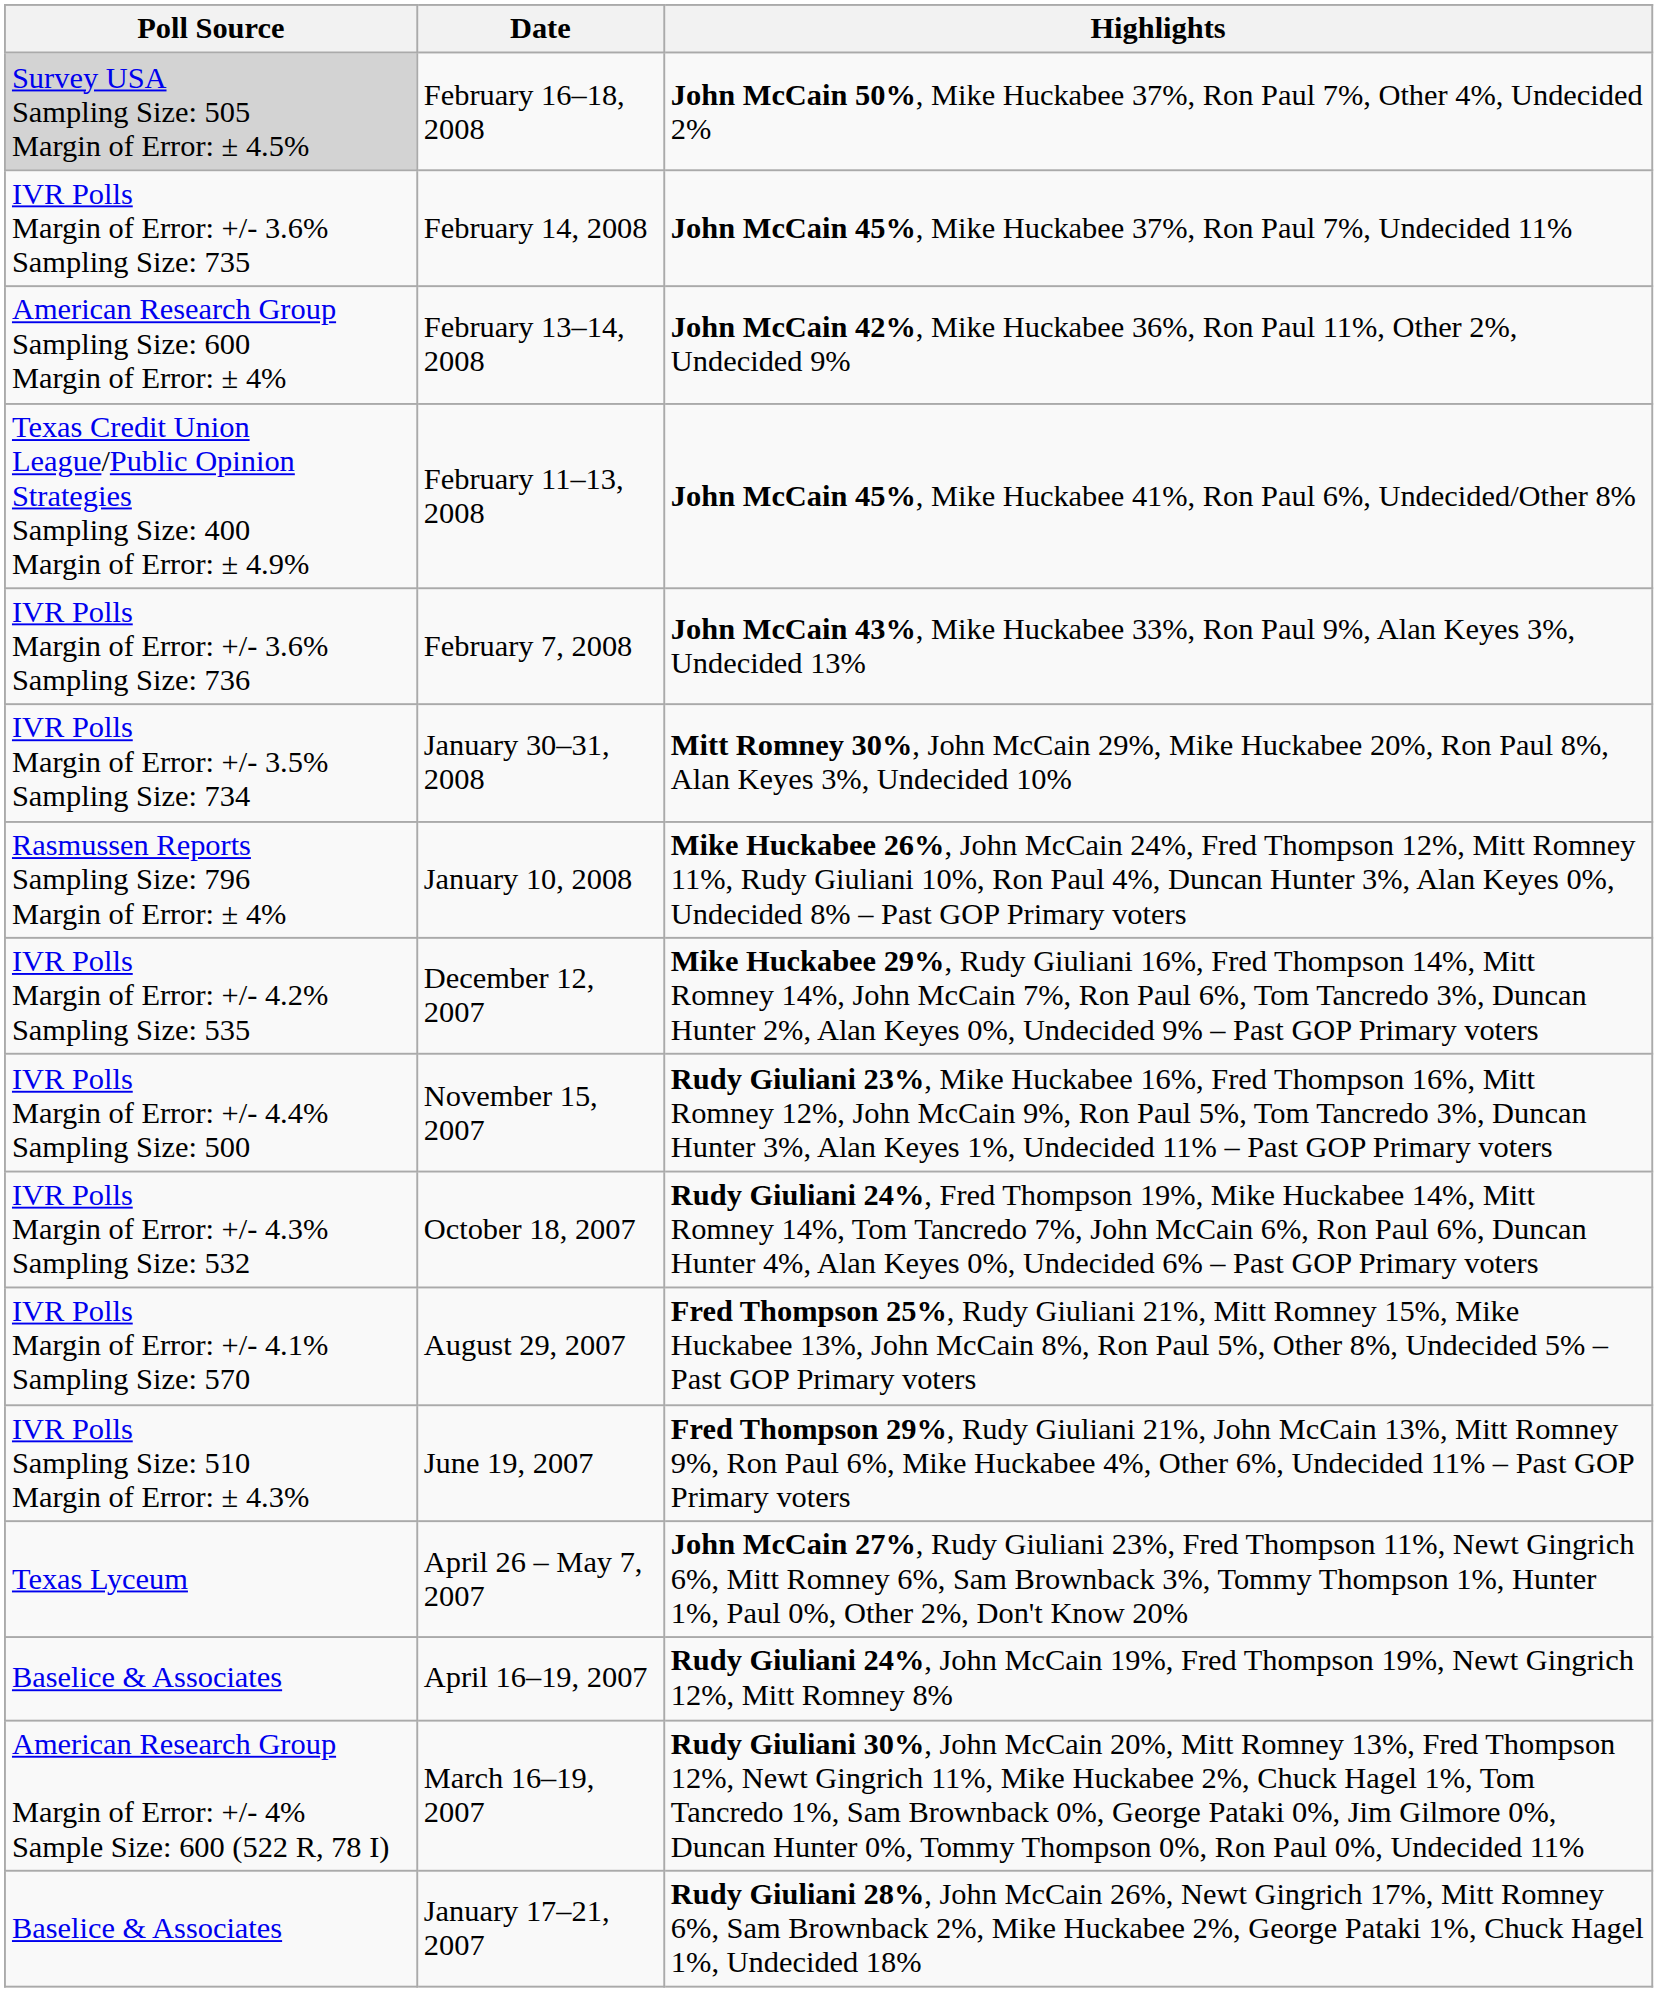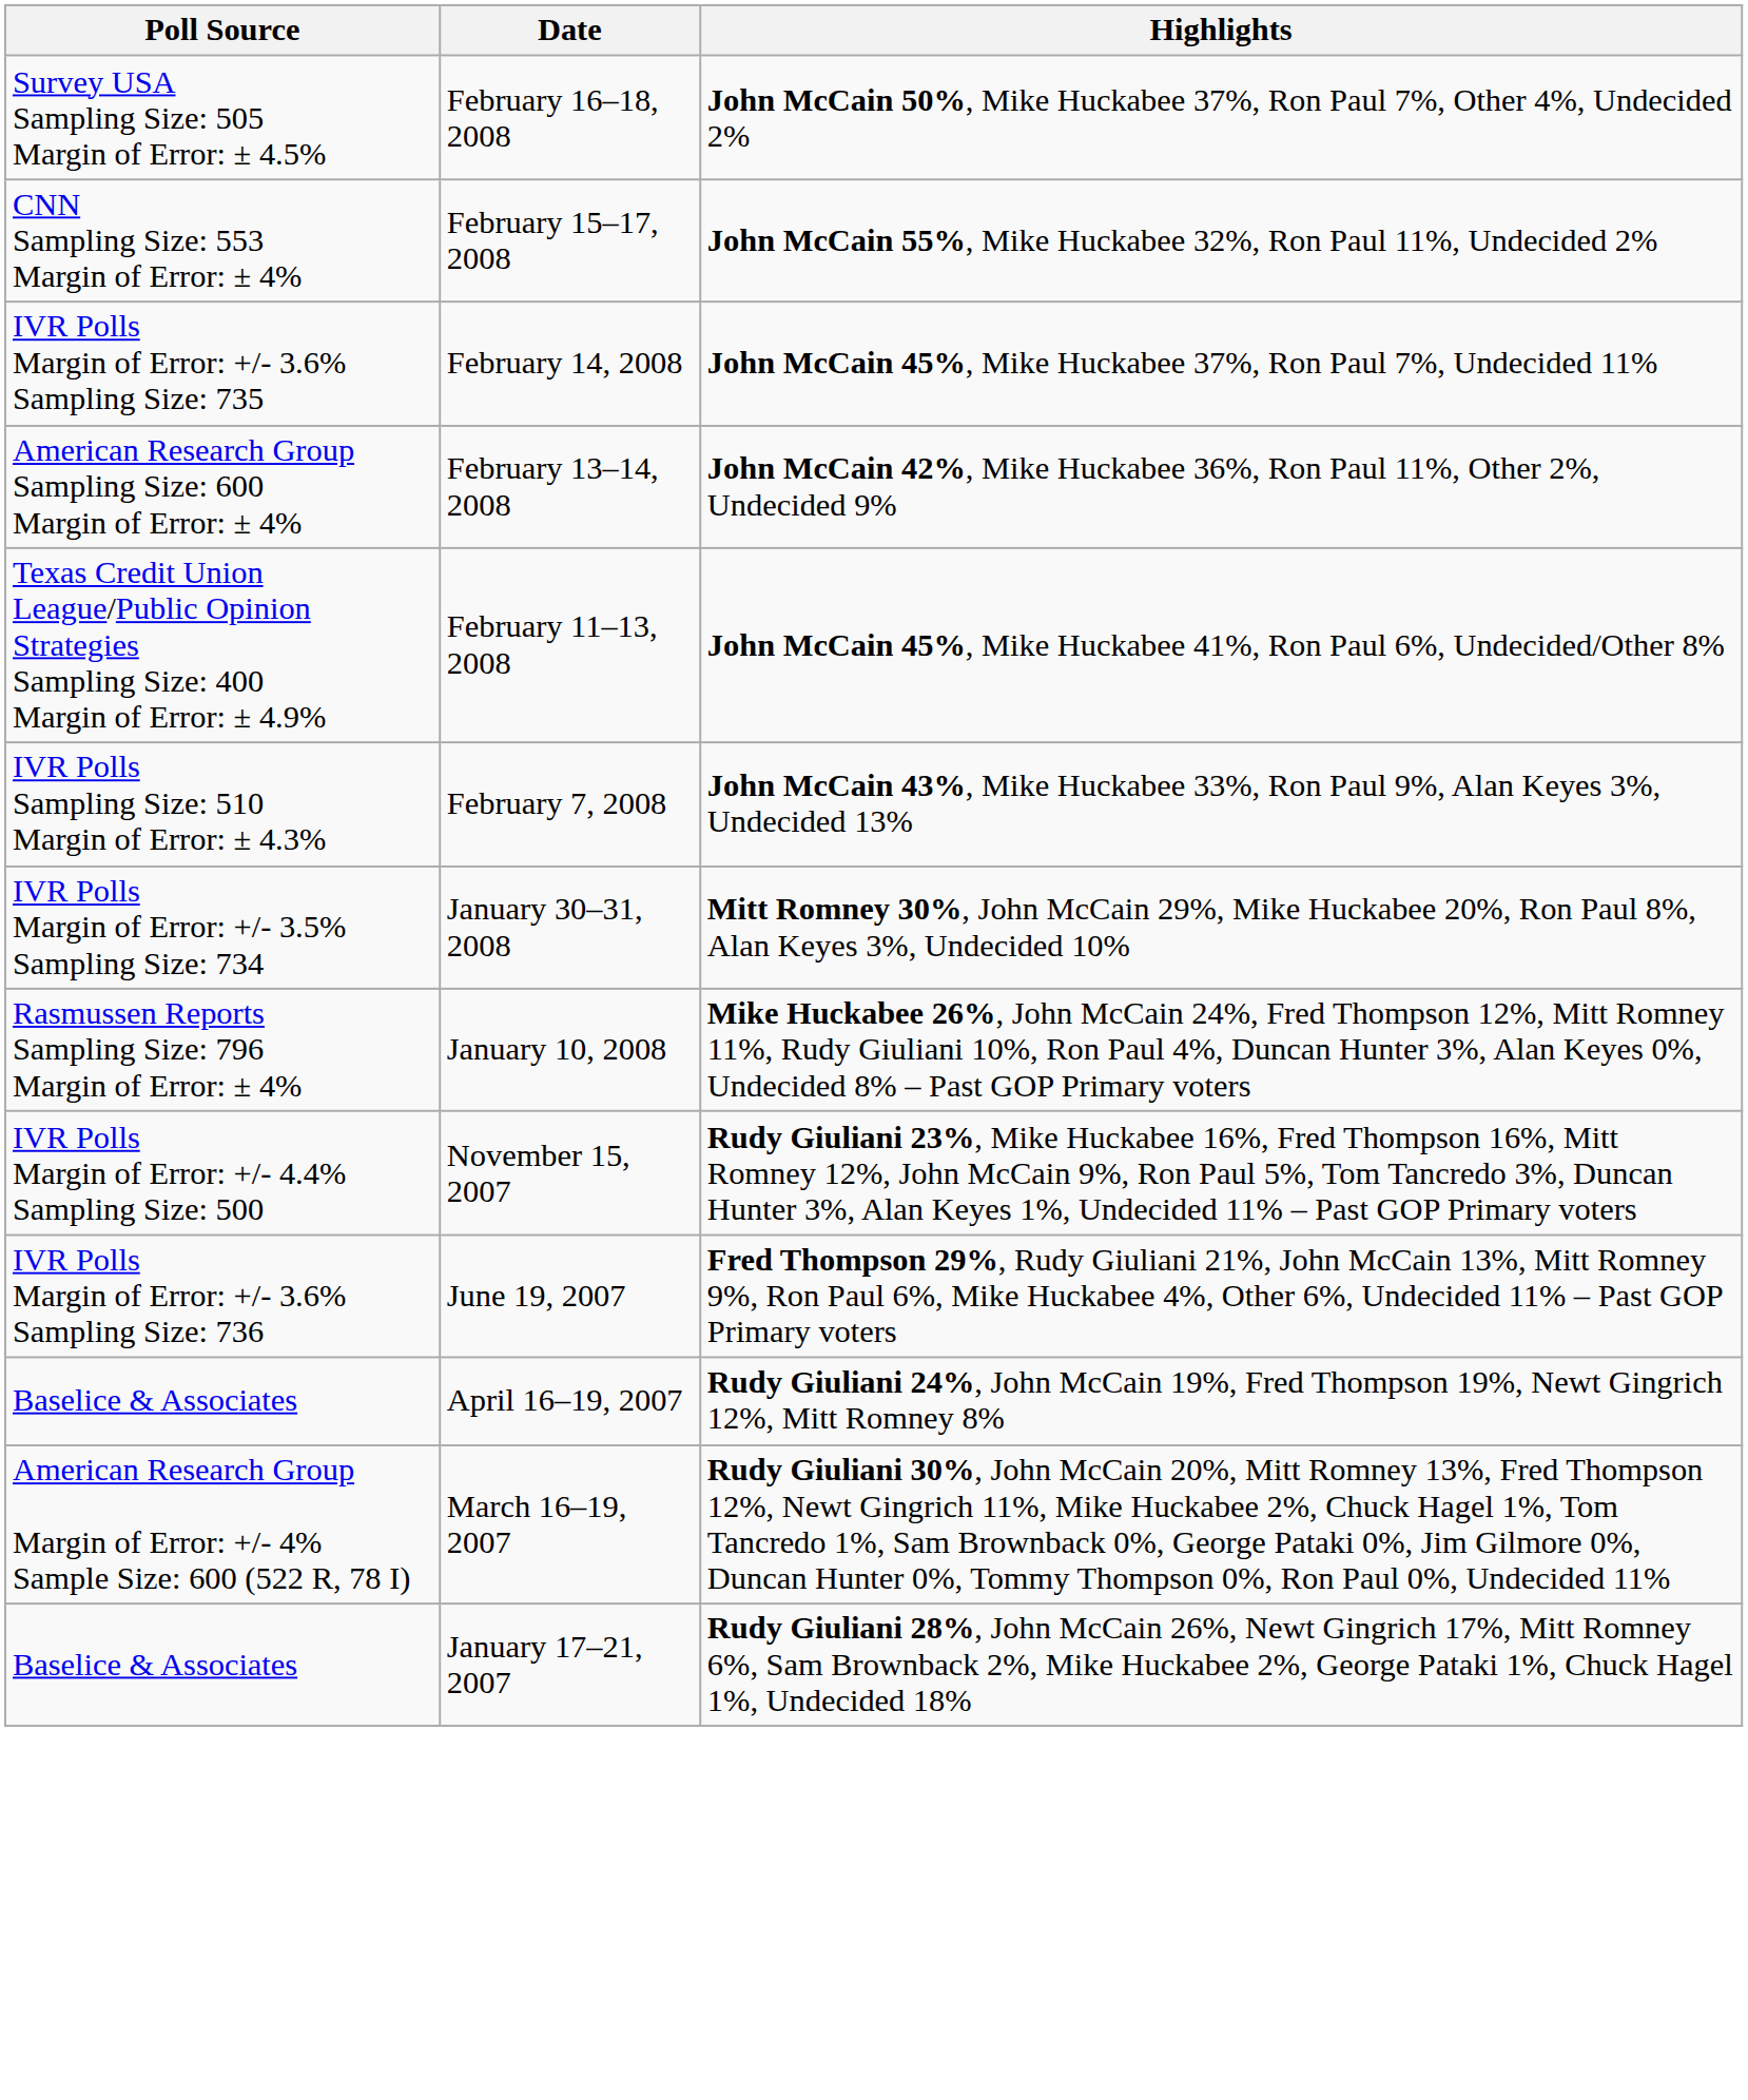 <table class="wikitable sortable">
 <tr>
 <th width="25%">Poll Source</th>
 <th width="15%">Date</th>
 <th width="60%">Highlights</th>
 </tr>
 <tr>
-<td style="background: lightgrey;"><a href='#'>Survey USA</a><br>Sampling Size: 505<br> Margin of Error: ± 4.5%</td>
+<td><a href='#'>Survey USA</a><br>Sampling Size: 505<br> Margin of Error: ± 4.5%</td>
 <td>February 16–18, 2008</td>
 <td><strong>John McCain 50%</strong>, Mike Huckabee 37%, Ron Paul 7%, Other 4%, Undecided 2%</td>
+</tr>
+<tr>
+<td><a href='#'>CNN</a><br>Sampling Size: 553<br> Margin of Error: ± 4%</td>
+<td>February 15–17, 2008</td>
+<td><strong>John McCain 55%</strong>, Mike Huckabee 32%, Ron Paul 11%, Undecided 2%</td>
 </tr>
 <tr>
 <td><a href='#'>IVR Polls </a><br>Margin of Error: +/- 3.6%<br> Sampling Size: 735</td>
 <td>February 14, 2008</td>
 <td><strong>John McCain 45%</strong>, Mike Huckabee 37%, Ron Paul 7%, Undecided 11%</td>
 </tr>
 <tr>
 <td><a href='#'>American Research Group</a><br>Sampling Size: 600<br> Margin of Error: ± 4%</td>
 <td>February 13–14, 2008</td>
 <td><strong>John McCain 42%</strong>, Mike Huckabee 36%, Ron Paul 11%, Other 2%, Undecided 9%</td>
 </tr>
 <tr>
 <td><a href='#'>Texas Credit Union League</a>/<a href='#'>Public Opinion Strategies</a><br>Sampling Size: 400<br> Margin of Error: ± 4.9%</td>
 <td>February 11–13, 2008</td>
 <td><strong>John McCain 45%</strong>, Mike Huckabee 41%, Ron Paul 6%, Undecided/Other 8%</td>
 </tr>
 <tr>
-<td><a href='#'>IVR Polls </a><br>Margin of Error: +/- 3.6%<br> Sampling Size: 736</td>
+<td><a href='#'>IVR Polls</a><br>Sampling Size: 510<br> Margin of Error: ± 4.3%</td>
 <td>February 7, 2008</td>
 <td><strong>John McCain 43%</strong>, Mike Huckabee 33%, Ron Paul 9%, Alan Keyes 3%, Undecided 13%</td>
 </tr>
 <tr>
 <td><a href='#'>IVR Polls </a><br>Margin of Error: +/- 3.5%<br> Sampling Size: 734</td>
 <td>January 30–31, 2008</td>
 <td><strong>Mitt Romney 30%</strong>, John McCain 29%, Mike Huckabee 20%, Ron Paul 8%, Alan Keyes 3%, Undecided 10%</td>
 </tr>
 <tr>
 <td><a href='#'>Rasmussen Reports</a><br>Sampling Size: 796<br> Margin of Error: ± 4%</td>
 <td>January 10, 2008</td>
 <td><strong>Mike Huckabee 26%</strong>, John McCain 24%, Fred Thompson 12%, Mitt Romney 11%, Rudy Giuliani 10%, Ron Paul 4%, Duncan Hunter 3%, Alan Keyes 0%, Undecided 8% – Past GOP Primary voters</td>
 </tr>
 <tr>
-<td><a href='#'>IVR Polls </a><br>Margin of Error: +/- 4.2%<br> Sampling Size: 535</td>
-<td>December 12, 2007</td>
-<td><strong>Mike Huckabee 29%</strong>, Rudy Giuliani 16%, Fred Thompson 14%, Mitt Romney 14%, John McCain 7%, Ron Paul 6%, Tom Tancredo 3%, Duncan Hunter 2%, Alan Keyes 0%, Undecided 9% – Past GOP Primary voters</td>
-</tr>
-<tr>
 <td><a href='#'>IVR Polls </a><br>Margin of Error: +/- 4.4%<br> Sampling Size: 500</td>
 <td>November 15, 2007</td>
 <td><strong>Rudy Giuliani 23%</strong>, Mike Huckabee 16%, Fred Thompson 16%, Mitt Romney 12%, John McCain 9%, Ron Paul 5%, Tom Tancredo 3%, Duncan Hunter 3%, Alan Keyes 1%, Undecided 11% – Past GOP Primary voters</td>
 </tr>
 <tr>
-<td><a href='#'>IVR Polls </a><br>Margin of Error: +/- 4.3%<br> Sampling Size: 532</td>
-<td>October 18, 2007</td>
-<td><strong>Rudy Giuliani 24%</strong>, Fred Thompson 19%, Mike Huckabee 14%, Mitt Romney 14%, Tom Tancredo 7%, John McCain 6%, Ron Paul 6%, Duncan Hunter 4%, Alan Keyes 0%, Undecided 6% – Past GOP Primary voters</td>
-</tr>
-<tr>
-<td><a href='#'>IVR Polls </a><br>Margin of Error: +/- 4.1%<br> Sampling Size: 570</td>
-<td>August 29, 2007</td>
-<td><strong>Fred Thompson 25%</strong>, Rudy Giuliani 21%, Mitt Romney 15%, Mike Huckabee 13%, John McCain 8%, Ron Paul 5%, Other 8%, Undecided 5% – Past GOP Primary voters</td>
-</tr>
-<tr>
-<td><a href='#'>IVR Polls</a><br>Sampling Size: 510<br> Margin of Error: ± 4.3%</td>
+<td><a href='#'>IVR Polls </a><br>Margin of Error: +/- 3.6%<br> Sampling Size: 736</td>
 <td>June 19, 2007</td>
 <td><strong>Fred Thompson 29%</strong>, Rudy Giuliani 21%, John McCain 13%, Mitt Romney 9%, Ron Paul 6%, Mike Huckabee 4%, Other 6%, Undecided 11% – Past GOP Primary voters</td>
-</tr>
-<tr>
-<td><a href='#'>Texas Lyceum </a></td>
-<td>April 26 – May 7, 2007</td>
-<td><strong>John McCain 27%</strong>, Rudy Giuliani 23%, Fred Thompson 11%, Newt Gingrich 6%, Mitt Romney 6%, Sam Brownback 3%, Tommy Thompson 1%, Hunter 1%, Paul 0%, Other 2%, Don't Know 20%</td>
 </tr>
 <tr>
 <td><a href='#'>Baselice & Associates</a></td>
 <td>April 16–19, 2007</td>
 <td><strong>Rudy Giuliani 24%</strong>, John McCain 19%, Fred Thompson 19%, Newt Gingrich 12%, Mitt Romney 8%</td>
 </tr>
 <tr>
 <td><a href='#'>American Research Group</a><br><br>Margin of Error: +/- 4%<br> Sample Size: 600 (522 R, 78 I)</td>
 <td>March 16–19, 2007</td>
 <td><strong>Rudy Giuliani 30%</strong>, John McCain 20%, Mitt Romney 13%, Fred Thompson 12%, Newt Gingrich 11%, Mike Huckabee 2%, Chuck Hagel 1%, Tom Tancredo 1%, Sam Brownback 0%, George Pataki 0%, Jim Gilmore 0%, Duncan Hunter 0%, Tommy Thompson 0%, Ron Paul 0%, Undecided 11%</td>
 </tr>
 <tr>
 <td><a href='#'>Baselice & Associates</a></td>
 <td>January 17–21, 2007</td>
 <td><strong>Rudy Giuliani 28%</strong>, John McCain 26%, Newt Gingrich 17%, Mitt Romney 6%, Sam Brownback 2%, Mike Huckabee 2%, George Pataki 1%, Chuck Hagel 1%, Undecided 18%</td>
 </tr>
 </table>
